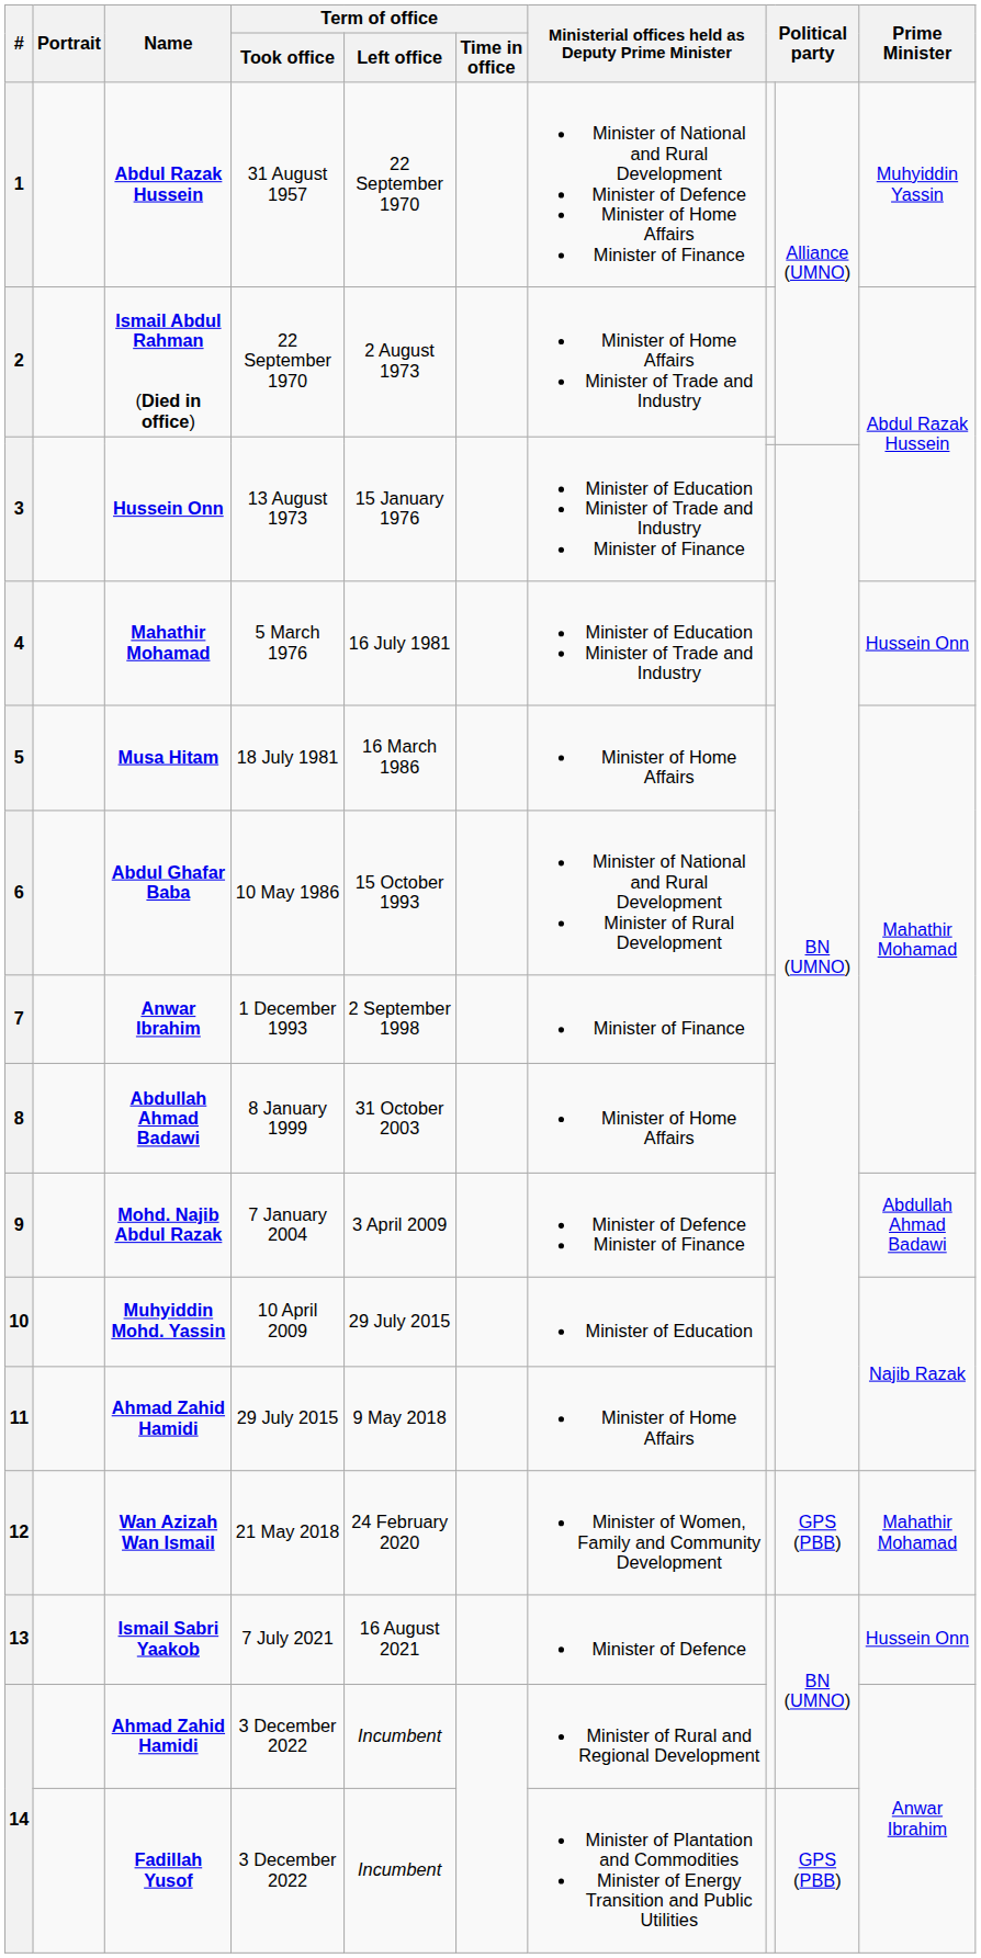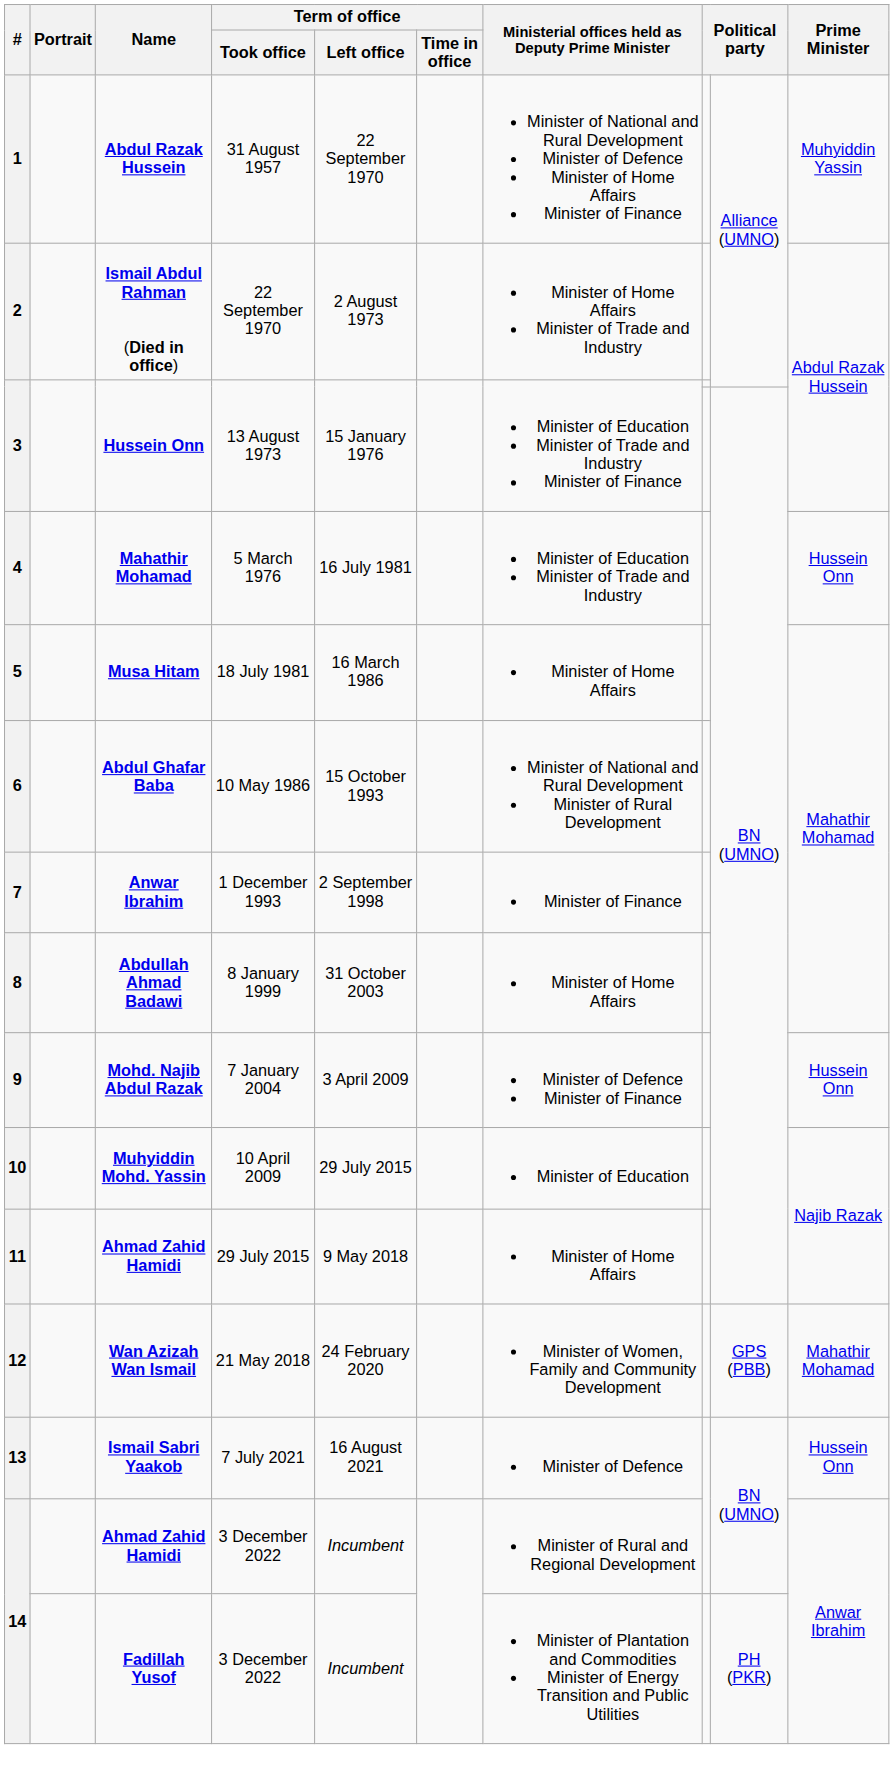 <table class="wikitable" style="text-align:center">
 <tr>
 <th rowspan=2>#</th>
 <th rowspan=2>Portrait</th>
 <th rowspan=2>Name<br></th>
 <th colspan=3>Term of office</th>
 <th rowspan=2 style="font-size:90%; line-height:normal" scope="col">Ministerial offices held as Deputy Prime Minister</th>
 <th colspan=2 rowspan=2>Political party</th>
 <th rowspan=2>Prime Minister</th>
 </tr>
 <tr>
 <th>Took office</th>
 <th>Left office</th>
 <th>Time in office</th>
 </tr>
 <tr>
 <th>1</th>
 <td></td>
 <td><br><strong><a href='#'>Abdul Razak Hussein</a></strong><br><br></td>
 <td>31 August 1957</td>
 <td>22 September 1970</td>
 <td></td>
 <td><br><ul><li>Minister of National and Rural Development </li><li>Minister of Defence </li><li>Minister of Home Affairs </li><li>Minister of Finance </li></ul></td>
 <td></td>
 <td rowspan="3"><a href='#'>Alliance</a> <br>(<a href='#'>UMNO</a>)</td>
 <td><a href='#'>Muhyiddin Yassin</a></td>
 </tr>
 <tr>
 <th>2</th>
 <td></td>
 <td><br><strong><a href='#'>Ismail Abdul Rahman</a></strong><br><br> <br> (<strong>Died in office</strong>)</td>
 <td>22 September 1970</td>
 <td>2 August 1973</td>
 <td></td>
 <td><br><ul><li>Minister of Home Affairs </li><li>Minister of Trade and Industry </li></ul></td>
 <td></td>
 <td rowspan=3><a href='#'>Abdul Razak Hussein</a></td>
 </tr>
 <tr>
 <th rowspan=2>3</th>
 <td rowspan="2"></td>
 <td rowspan="2"><br><strong><a href='#'>Hussein Onn</a></strong><br><br></td>
 <td rowspan="2">13 August 1973</td>
 <td rowspan="2">15 January 1976</td>
 <td rowspan="2"></td>
 <td rowspan="2"><br><ul><li>Minister of Education </li><li>Minister of Trade and Industry </li><li>Minister of Finance </li></ul></td>
 <td></td>
 </tr>
 <tr>
 <td></td>
 <td rowspan="9"><a href='#'>BN</a> <br>(<a href='#'>UMNO</a>)</td>
 </tr>
 <tr>
 <th>4</th>
 <td></td>
 <td><br><strong><a href='#'>Mahathir Mohamad</a></strong><br><br></td>
 <td>5 March 1976</td>
 <td>16 July 1981</td>
 <td></td>
 <td><br><ul><li>Minister of Education </li><li>Minister of Trade and Industry </li></ul></td>
 <td></td>
 <td><a href='#'>Hussein Onn</a></td>
 </tr>
 <tr>
 <th>5</th>
 <td></td>
 <td><br><strong><a href='#'>Musa Hitam</a></strong><br><br></td>
 <td>18 July 1981</td>
 <td>16 March 1986</td>
 <td></td>
 <td><br><ul><li>Minister of Home Affairs </li></ul></td>
 <td></td>
 <td rowspan="4"><a href='#'>Mahathir Mohamad</a></td>
 </tr>
 <tr>
 <th>6</th>
 <td></td>
 <td><strong><a href='#'>Abdul Ghafar Baba</a></strong><br><br></td>
 <td>10 May 1986</td>
 <td>15 October 1993</td>
 <td></td>
 <td><br><ul><li>Minister of National and Rural Development </li><li>Minister of Rural Development </li></ul></td>
 <td></td>
 </tr>
 <tr>
 <th>7</th>
 <td></td>
 <td><br><strong><a href='#'>Anwar Ibrahim</a></strong><br><br></td>
 <td>1 December 1993</td>
 <td>2 September 1998</td>
 <td></td>
 <td><br><ul><li>Minister of Finance </li></ul></td>
 <td></td>
 </tr>
 <tr>
 <th>8</th>
 <td></td>
 <td><br><strong><a href='#'>Abdullah Ahmad Badawi</a></strong><br><br></td>
 <td>8 January 1999</td>
 <td>31 October 2003</td>
 <td></td>
 <td><br><ul><li>Minister of Home Affairs </li></ul></td>
 <td></td>
 </tr>
 <tr>
 <th>9</th>
 <td></td>
 <td><br><strong><a href='#'>Mohd. Najib Abdul Razak</a></strong><br><br></td>
 <td>7 January 2004</td>
 <td>3 April 2009</td>
 <td></td>
 <td><br><ul><li>Minister of Defence </li><li>Minister of Finance </li></ul></td>
 <td></td>
-<td><a href='#'>Abdullah Ahmad Badawi</a></td>
+<td><a href='#'>Hussein Onn</a></td>
 </tr>
 <tr>
 <th>10</th>
 <td></td>
 <td><br><strong><a href='#'>Muhyiddin Mohd. Yassin</a></strong><br><br></td>
 <td>10 April 2009</td>
 <td>29 July 2015</td>
 <td></td>
 <td><br><ul><li>Minister of Education </li></ul></td>
 <td></td>
 <td rowspan="2"><a href='#'>Najib Razak</a></td>
 </tr>
 <tr>
 <th>11</th>
 <td></td>
 <td><br><strong><a href='#'>Ahmad Zahid Hamidi</a></strong><br><br></td>
 <td>29 July 2015</td>
 <td>9 May 2018</td>
 <td></td>
 <td><br><ul><li>Minister of Home Affairs </li></ul></td>
 <td></td>
 </tr>
 <tr>
 <th>12</th>
 <td></td>
 <td><br><strong><a href='#'>Wan Azizah Wan Ismail</a></strong><br><br></td>
 <td>21 May 2018</td>
 <td>24 February 2020</td>
 <td></td>
 <td><br><ul><li>Minister of Women, Family and Community Development </li></ul></td>
 <td></td>
 <td><a href='#'>GPS</a> <br>(<a href='#'>PBB</a>)</td>
 <td><a href='#'>Mahathir Mohamad</a></td>
 </tr>
 <tr>
 <th>13</th>
 <td></td>
 <td><br><strong><a href='#'>Ismail Sabri Yaakob</a></strong><br><br></td>
 <td>7 July 2021</td>
 <td>16 August 2021</td>
 <td></td>
 <td><br><ul><li>Minister of Defence </li></ul></td>
 <td rowspan=2></td>
 <td rowspan=2><a href='#'>BN</a> <br>(<a href='#'>UMNO</a>)</td>
 <td><a href='#'>Hussein Onn</a></td>
 </tr>
 <tr>
 <th rowspan=2>14</th>
 <td></td>
 <td><br><strong><a href='#'>Ahmad Zahid Hamidi</a></strong><br><br></td>
 <td>3 December 2022</td>
 <td><em>Incumbent</em></td>
 <td rowspan="2"></td>
 <td><br><ul><li>Minister of Rural and Regional Development </li></ul></td>
 <td rowspan=2><a href='#'>Anwar Ibrahim</a></td>
 </tr>
 <tr>
 <td></td>
 <td><br><strong><a href='#'>Fadillah Yusof</a></strong><br><br></td>
 <td>3 December 2022</td>
 <td><em>Incumbent</em></td>
 <td><br><ul><li>Minister of Plantation and Commodities </li><li>Minister of Energy Transition and Public Utilities </li></ul></td>
 <td></td>
-<td><a href='#'>GPS</a> <br>(<a href='#'>PBB</a>)</td>
+<td><a href='#'>PH</a> <br>(<a href='#'>PKR</a>)</td>
 </tr>
 </table>
